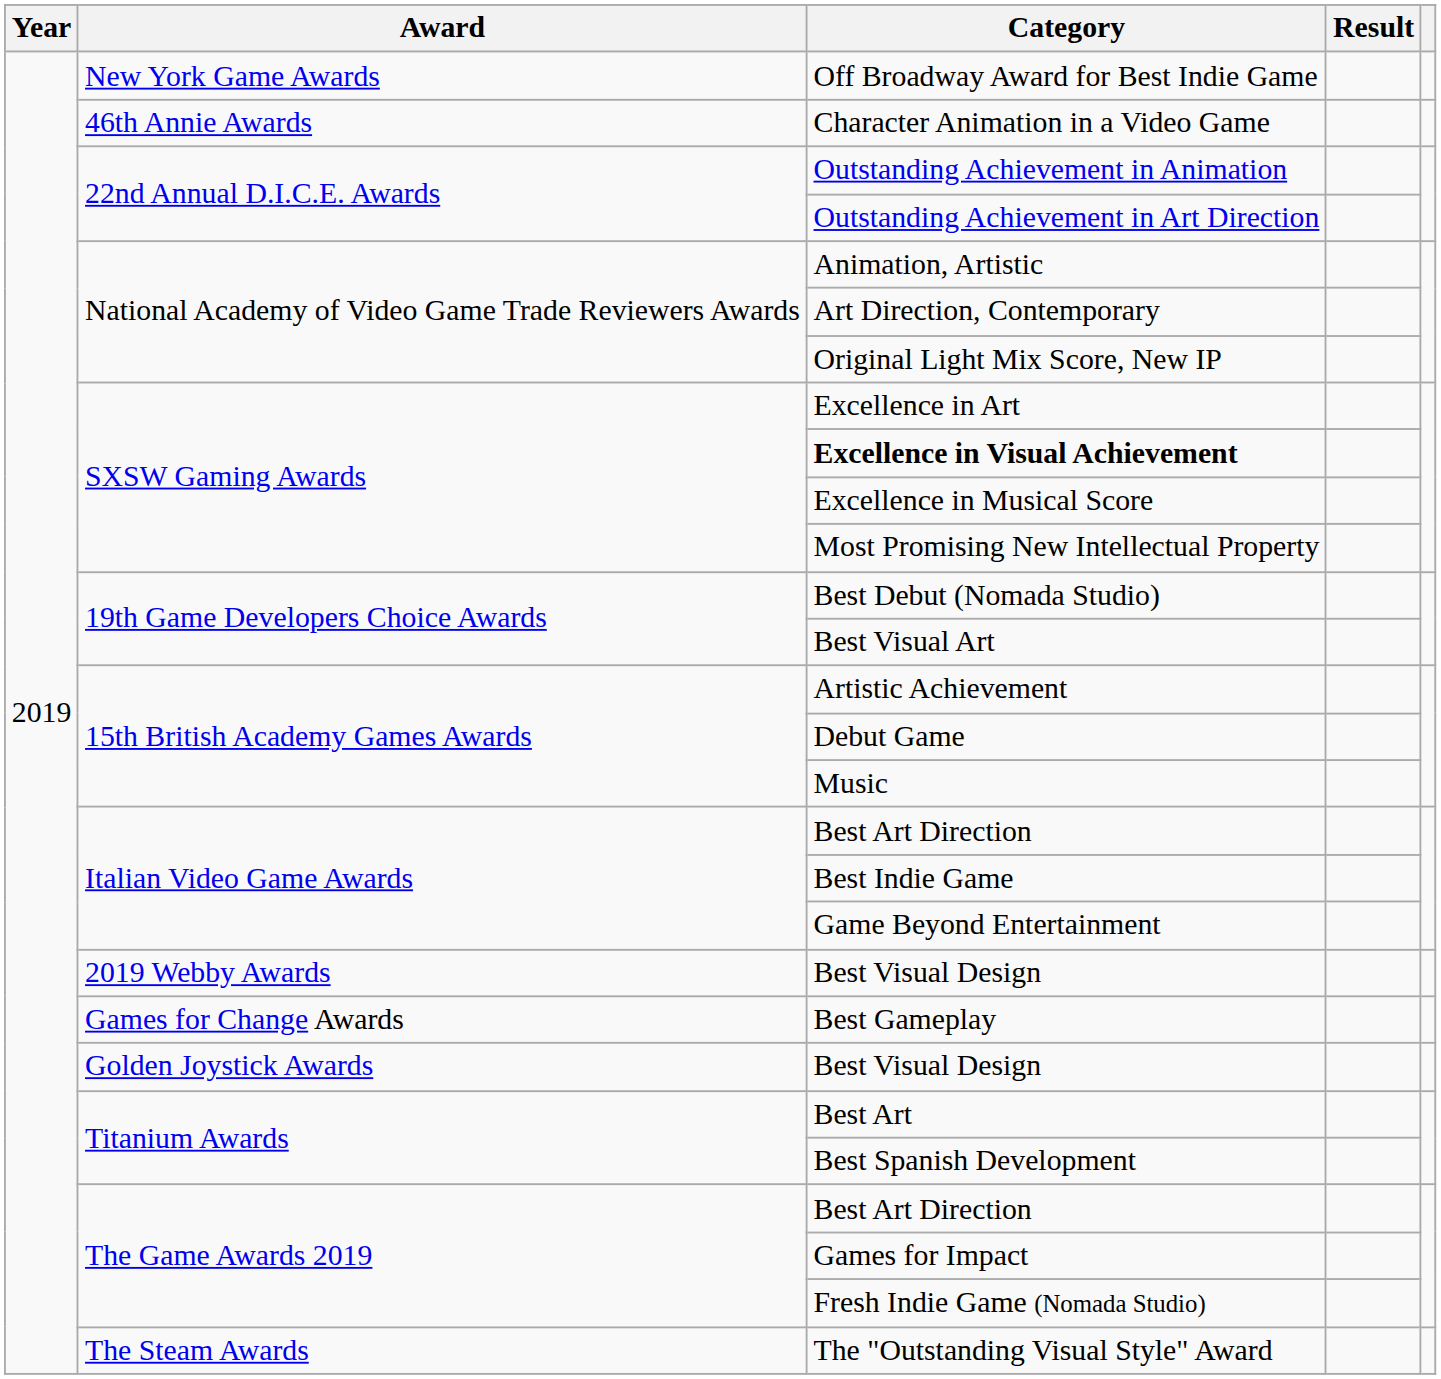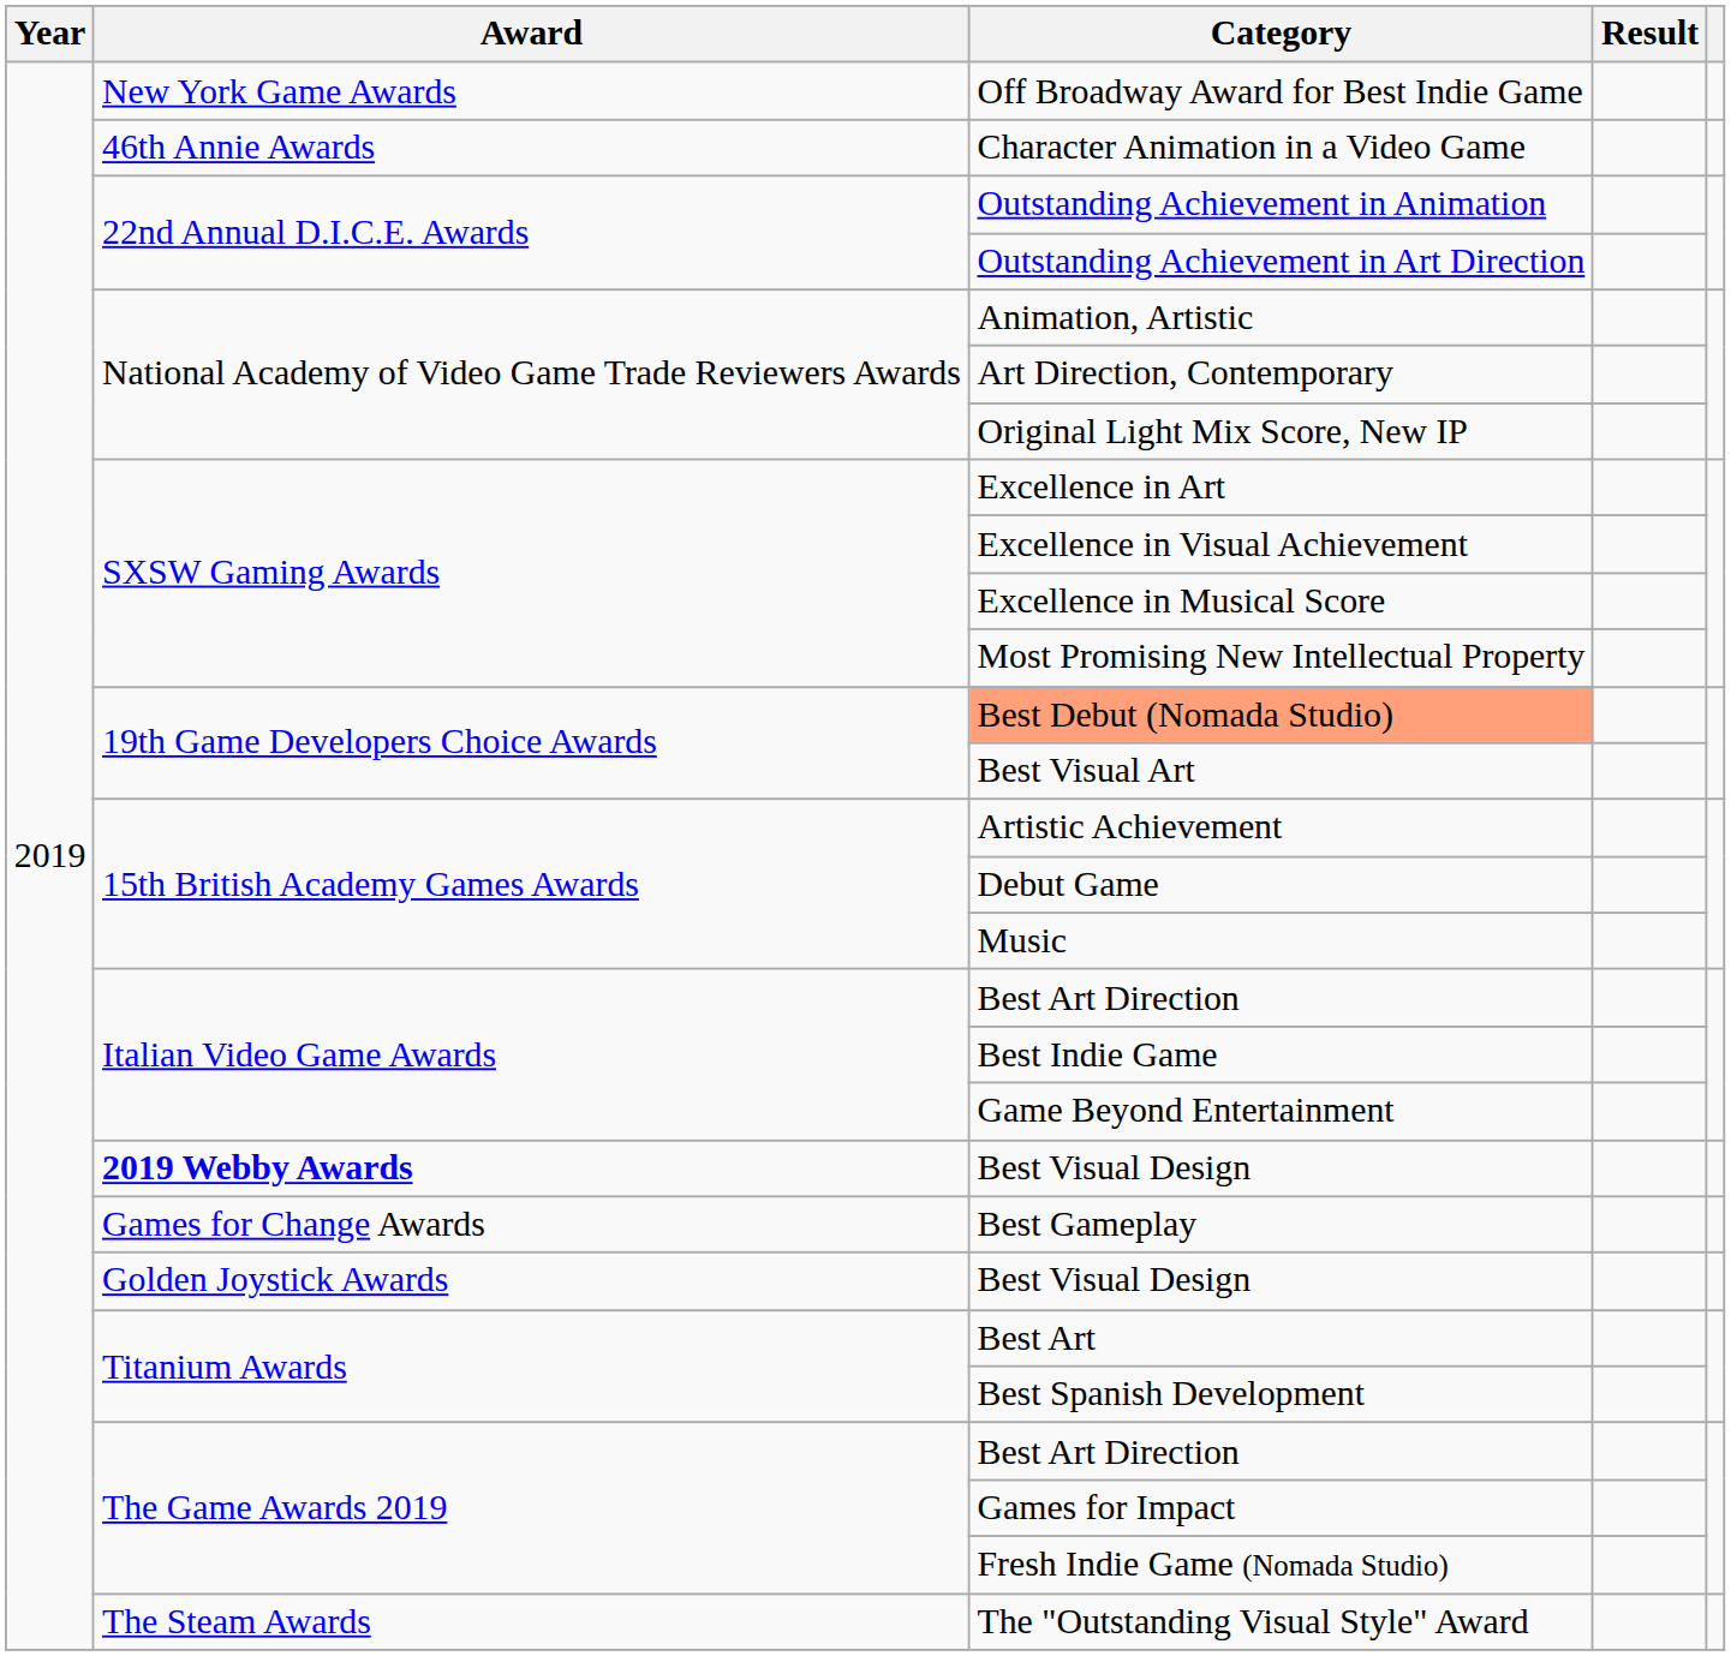 <table class="wikitable sortable">
 <tr>
 <th>Year</th>
 <th>Award</th>
 <th>Category</th>
 <th>Result</th>
 <th></th>
 </tr>
 <tr>
 <td style="text-align:center;" rowspan="28">2019</td>
 <td><a href='#'>New York Game Awards</a></td>
 <td>Off Broadway Award for Best Indie Game</td>
 <td></td>
 <td style="text-align:center;"></td>
 </tr>
 <tr>
 <td><a href='#'>46th Annie Awards</a></td>
 <td>Character Animation in a Video Game</td>
 <td></td>
 <td style="text-align:center;"></td>
 </tr>
 <tr>
 <td rowspan="2"><a href='#'>22nd Annual D.I.C.E. Awards</a></td>
 <td><a href='#'>Outstanding Achievement in Animation</a></td>
 <td></td>
 <td rowspan="2" style="text-align:center;"></td>
 </tr>
 <tr>
 <td><a href='#'>Outstanding Achievement in Art Direction</a></td>
 <td></td>
 </tr>
 <tr>
 <td rowspan="3">National Academy of Video Game Trade Reviewers Awards</td>
 <td>Animation, Artistic</td>
 <td></td>
 <td rowspan="3" style="text-align:center;"></td>
 </tr>
 <tr>
 <td>Art Direction, Contemporary</td>
 <td></td>
 </tr>
 <tr>
 <td>Original Light Mix Score, New IP</td>
 <td></td>
 </tr>
 <tr>
 <td rowspan="4"><a href='#'>SXSW Gaming Awards</a></td>
 <td>Excellence in Art</td>
 <td></td>
 <td rowspan="4" style="text-align:center;"></td>
 </tr>
 <tr>
-<td><strong>Excellence in Visual Achievement</strong></td>
+<td>Excellence in Visual Achievement</td>
 <td></td>
 </tr>
 <tr>
 <td>Excellence in Musical Score</td>
 <td></td>
 </tr>
 <tr>
 <td>Most Promising New Intellectual Property</td>
 <td></td>
 </tr>
 <tr>
 <td rowspan="2"><a href='#'>19th Game Developers Choice Awards</a></td>
-<td>Best Debut (Nomada Studio)</td>
+<td style="background: lightsalmon;">Best Debut (Nomada Studio)</td>
 <td></td>
 <td rowspan="2" style="text-align:center;"></td>
 </tr>
 <tr>
 <td>Best Visual Art</td>
 <td></td>
 </tr>
 <tr>
 <td rowspan="3"><a href='#'>15th British Academy Games Awards</a></td>
 <td>Artistic Achievement</td>
 <td></td>
 <td rowspan="3" style="text-align:center;"></td>
 </tr>
 <tr>
 <td>Debut Game</td>
 <td></td>
 </tr>
 <tr>
 <td>Music</td>
 <td></td>
 </tr>
 <tr>
 <td rowspan="3"><a href='#'>Italian Video Game Awards</a></td>
 <td>Best Art Direction</td>
 <td></td>
 <td rowspan="3" style="text-align:center;"></td>
 </tr>
 <tr>
 <td>Best Indie Game</td>
 <td></td>
 </tr>
 <tr>
 <td>Game Beyond Entertainment</td>
 <td></td>
 </tr>
 <tr>
-<td><a href='#'>2019 Webby Awards</a></td>
+<td><strong><a href='#'>2019 Webby Awards</a></strong></td>
 <td>Best Visual Design</td>
 <td></td>
 <td style="text-align:center;"></td>
 </tr>
 <tr>
 <td><a href='#'>Games for Change</a> Awards</td>
 <td>Best Gameplay</td>
 <td></td>
 <td style="text-align:center;"></td>
 </tr>
 <tr>
 <td><a href='#'>Golden Joystick Awards</a></td>
 <td>Best Visual Design</td>
 <td></td>
 <td style="text-align:center;"></td>
 </tr>
 <tr>
 <td rowspan="2"><a href='#'>Titanium Awards</a></td>
 <td>Best Art</td>
 <td></td>
 <td rowspan="2" style="text-align:center;"></td>
 </tr>
 <tr>
 <td>Best Spanish Development</td>
 <td></td>
 </tr>
 <tr>
 <td rowspan="3"><a href='#'>The Game Awards 2019</a></td>
 <td>Best Art Direction</td>
 <td></td>
 <td rowspan="3" style="text-align:center;"></td>
 </tr>
 <tr>
 <td>Games for Impact</td>
 <td></td>
 </tr>
 <tr>
 <td>Fresh Indie Game <small>(Nomada Studio)</small></td>
 <td></td>
 </tr>
 <tr>
 <td><a href='#'>The Steam Awards</a></td>
 <td>The "Outstanding Visual Style" Award</td>
 <td></td>
 <td style="text-align:center;"></td>
 </tr>
 </table>
